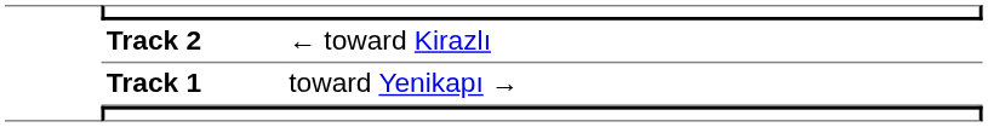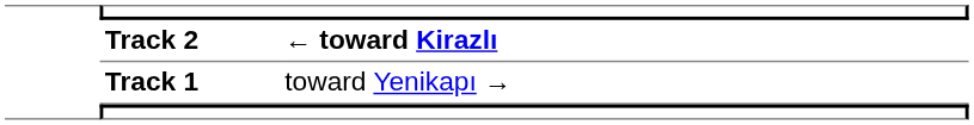 <table cellspacing=0 cellpadding=3>
 <tr>
 <td style="border-top:solid 1px gray;border-bottom:solid 1px gray;vertical-align:top;" width=50 rowspan=4></td>
 <td style="border-top:solid 1px gray;border-right:solid 2px black;border-left:solid 2px black;border-bottom:solid 2px black;text-align:center;" colspan=2></td>
 </tr>
 <tr>
 <td style="border-bottom:solid 1px gray;" width=100><strong>Track 2</strong></td>
-<td style="border-bottom:solid 1px gray;" width=400>←  toward <a href='#'>Kirazlı</a></td>
+<td style="border-bottom:solid 1px gray;" width=400><strong>←  toward <a href='#'>Kirazlı</a></strong></td>
 </tr>
 <tr>
 <td style="border-bottom:solid 1px gray;"><strong>Track 1</strong></td>
 <td style="border-bottom:solid 1px gray;"> toward <a href='#'>Yenikapı</a> →</td>
 </tr>
 <tr>
 <td style="border-bottom:solid 1px gray;border-top:solid 2px black;border-right:solid 2px black;border-left:solid 2px black;text-align:center;" colspan=2></td>
 </tr>
 </table>
